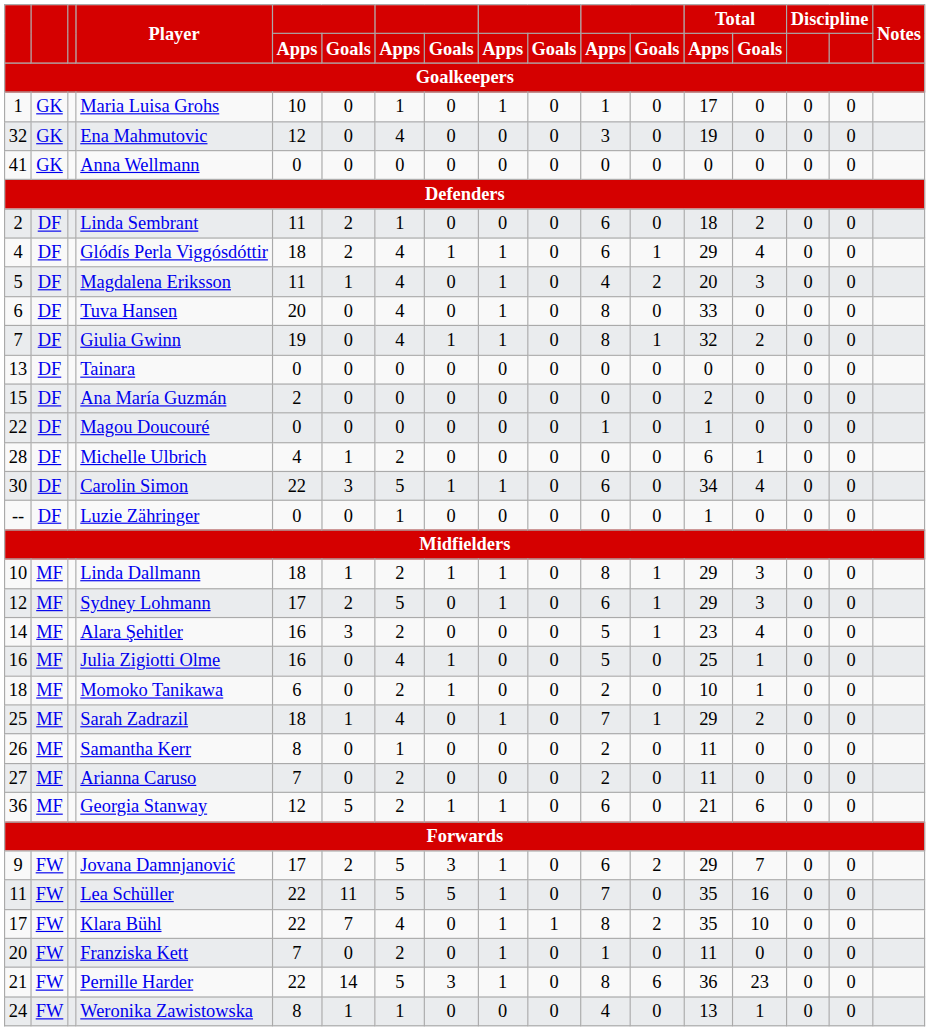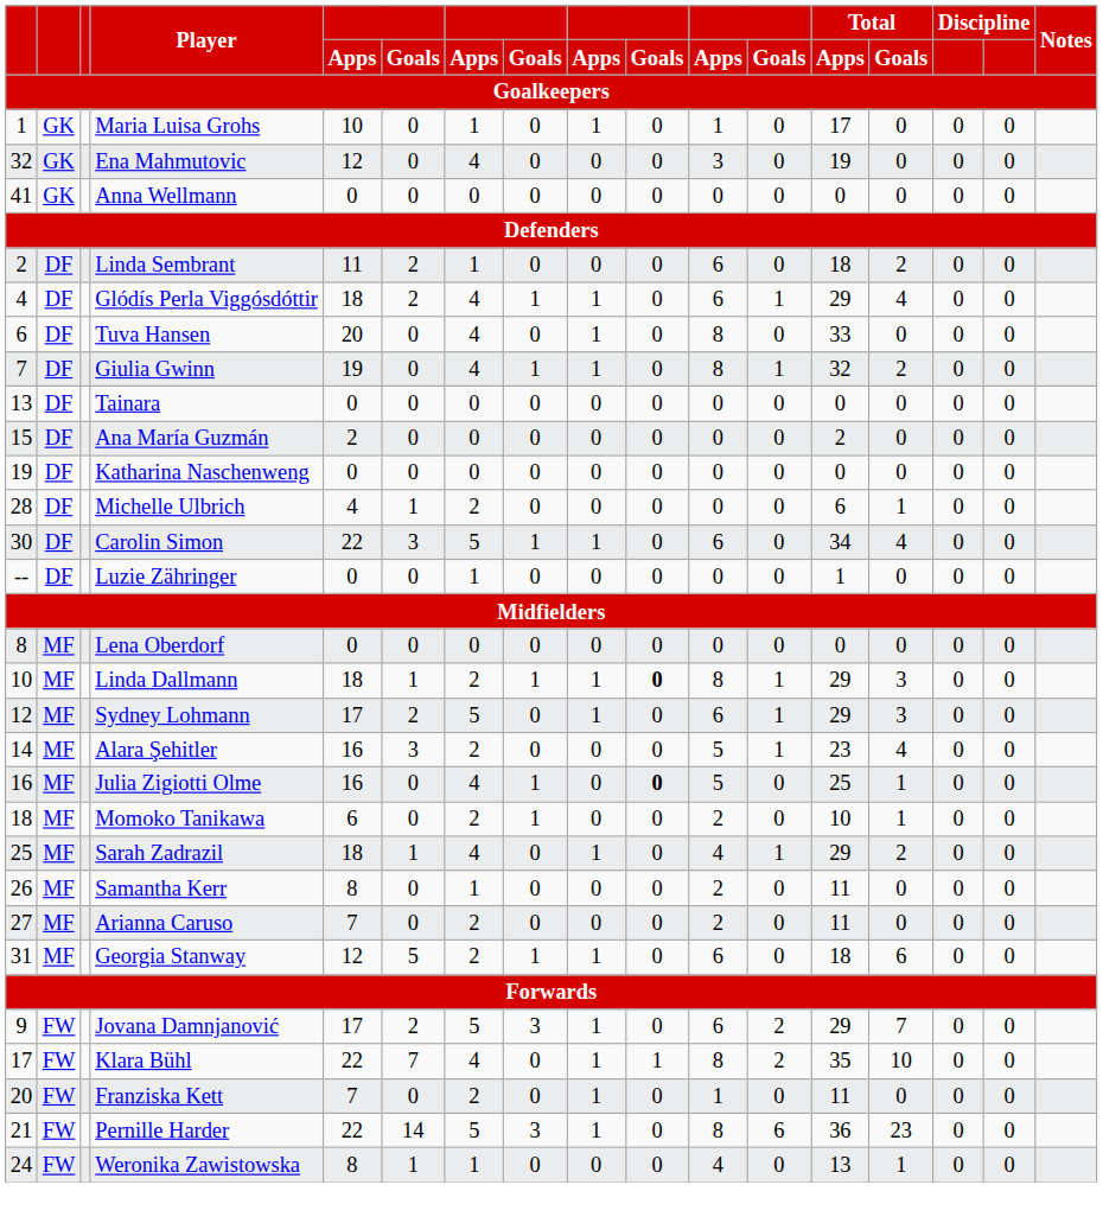 <table class="wikitable sortable alternance" style="text-align:center">
 <tr>
 <th rowspan=2 style="background:#D50000; color:#FFFFFF; "></th>
 <th rowspan=2 style="background:#D50000; color:#FFFFFF; "></th>
 <th rowspan=2 style="background:#D50000; color:#FFFFFF; "></th>
 <th rowspan=2 style="background:#D50000; color:#FFFFFF; ">Player</th>
 <th colspan=2 style="background:#D50000; color:#FFFFFF; "></th>
 <th colspan=2 style="background:#D50000; color:#FFFFFF; "></th>
 <th colspan=2 style="background:#D50000; color:#FFFFFF; "></th>
 <th colspan=2 style="background:#D50000; color:#FFFFFF; "></th>
 <th colspan=2 style="background:#D50000; color:#FFFFFF; ">Total</th>
 <th colspan=2 style="background:#D50000; color:#FFFFFF; ">Discipline</th>
 <th rowspan=2 style="background:#D50000; color:#FFFFFF; ">Notes</th>
 </tr>
 <tr>
 <th style="background:#D50000; color:#FFFFFF; ">Apps</th>
 <th style="background:#D50000; color:#FFFFFF; ">Goals</th>
 <th style="background:#D50000; color:#FFFFFF; ">Apps</th>
 <th style="background:#D50000; color:#FFFFFF; ">Goals</th>
 <th style="background:#D50000; color:#FFFFFF; ">Apps</th>
 <th style="background:#D50000; color:#FFFFFF; ">Goals</th>
 <th style="background:#D50000; color:#FFFFFF; ">Apps</th>
 <th style="background:#D50000; color:#FFFFFF; ">Goals</th>
 <th style="background:#D50000; color:#FFFFFF; ">Apps</th>
 <th style="background:#D50000; color:#FFFFFF; ">Goals</th>
 <th style="background:#D50000; color:#FFFFFF; "></th>
 <th style="background:#D50000; color:#FFFFFF; "></th>
 </tr>
 <tr>
 <th colspan="17" style="background:#D50000; color:#FFFFFF; ">Goalkeepers</th>
 </tr>
 <tr>
 <td>1</td>
 <td><a href='#'>GK</a></td>
 <td></td>
 <td align="left"><a href='#'>Maria Luisa Grohs</a></td>
 <td>10</td>
 <td>0</td>
 <td>1</td>
 <td>0</td>
 <td>1</td>
 <td>0</td>
 <td>1</td>
 <td>0</td>
 <td>17</td>
 <td>0</td>
 <td>0</td>
 <td>0</td>
 <td></td>
 </tr>
 <tr style="background:#eaecee">
 <td>32</td>
 <td><a href='#'>GK</a></td>
 <td></td>
 <td align="left"><a href='#'>Ena Mahmutovic</a></td>
 <td>12</td>
 <td>0</td>
 <td>4</td>
 <td>0</td>
 <td>0</td>
 <td>0</td>
 <td>3</td>
 <td>0</td>
 <td>19</td>
 <td>0</td>
 <td>0</td>
 <td>0</td>
 <td></td>
 </tr>
 <tr>
 <td>41</td>
 <td><a href='#'>GK</a></td>
 <td></td>
 <td align="left"><a href='#'>Anna Wellmann</a></td>
 <td>0</td>
 <td>0</td>
 <td>0</td>
 <td>0</td>
 <td>0</td>
 <td>0</td>
 <td>0</td>
 <td>0</td>
 <td>0</td>
 <td>0</td>
 <td>0</td>
 <td>0</td>
 <td></td>
 </tr>
 <tr>
 <th colspan="17" style="background:#D50000; color:#FFFFFF; ">Defenders</th>
 </tr>
 <tr style="background:#eaecee">
 <td>2</td>
 <td><a href='#'>DF</a></td>
 <td></td>
 <td align="left"><a href='#'>Linda Sembrant</a></td>
 <td>11</td>
 <td>2</td>
 <td>1</td>
 <td>0</td>
 <td>0</td>
 <td>0</td>
 <td>6</td>
 <td>0</td>
 <td>18</td>
 <td>2</td>
 <td>0</td>
 <td>0</td>
 <td></td>
 </tr>
 <tr>
 <td>4</td>
 <td><a href='#'>DF</a></td>
 <td></td>
 <td align="left"><a href='#'>Glódís Perla Viggósdóttir</a></td>
 <td>18</td>
 <td>2</td>
 <td>4</td>
 <td>1</td>
 <td>1</td>
 <td>0</td>
 <td>6</td>
 <td>1</td>
 <td>29</td>
 <td>4</td>
 <td>0</td>
 <td>0</td>
 <td></td>
 </tr>
-<tr style="background:#eaecee">
-<td>5</td>
-<td><a href='#'>DF</a></td>
-<td></td>
-<td align="left"><a href='#'>Magdalena Eriksson</a></td>
-<td>11</td>
-<td>1</td>
-<td>4</td>
-<td>0</td>
-<td>1</td>
-<td>0</td>
-<td>4</td>
-<td>2</td>
-<td>20</td>
-<td>3</td>
-<td>0</td>
-<td>0</td>
-<td></td>
-</tr>
 <tr>
 <td>6</td>
 <td><a href='#'>DF</a></td>
 <td></td>
 <td align="left"><a href='#'>Tuva Hansen</a></td>
 <td>20</td>
 <td>0</td>
 <td>4</td>
 <td>0</td>
 <td>1</td>
 <td>0</td>
 <td>8</td>
 <td>0</td>
 <td>33</td>
 <td>0</td>
 <td>0</td>
 <td>0</td>
 <td></td>
 </tr>
 <tr style="background:#eaecee">
 <td>7</td>
 <td><a href='#'>DF</a></td>
 <td></td>
 <td align="left"><a href='#'>Giulia Gwinn</a></td>
 <td>19</td>
 <td>0</td>
 <td>4</td>
 <td>1</td>
 <td>1</td>
 <td>0</td>
 <td>8</td>
 <td>1</td>
 <td>32</td>
 <td>2</td>
 <td>0</td>
 <td>0</td>
 <td></td>
 </tr>
 <tr>
 <td>13</td>
 <td><a href='#'>DF</a></td>
 <td></td>
 <td align="left"><a href='#'>Tainara</a></td>
 <td>0</td>
 <td>0</td>
 <td>0</td>
 <td>0</td>
 <td>0</td>
 <td>0</td>
 <td>0</td>
 <td>0</td>
 <td>0</td>
 <td>0</td>
 <td>0</td>
 <td>0</td>
 <td></td>
 </tr>
 <tr style="background:#eaecee">
 <td>15</td>
 <td><a href='#'>DF</a></td>
 <td></td>
 <td align="left"><a href='#'>Ana María Guzmán</a></td>
 <td>2</td>
 <td>0</td>
 <td>0</td>
 <td>0</td>
 <td>0</td>
 <td>0</td>
 <td>0</td>
 <td>0</td>
 <td>2</td>
 <td>0</td>
 <td>0</td>
 <td>0</td>
 <td></td>
 </tr>
-<tr style="background:#eaecee">
-<td>22</td>
+<tr>
+<td>19</td>
 <td><a href='#'>DF</a></td>
 <td></td>
-<td align="left"><a href='#'>Magou Doucouré</a></td>
+<td align="left"><a href='#'>Katharina Naschenweng</a></td>
 <td>0</td>
 <td>0</td>
 <td>0</td>
 <td>0</td>
 <td>0</td>
 <td>0</td>
-<td>1</td>
 <td>0</td>
-<td>1</td>
+<td>0</td>
+<td>0</td>
 <td>0</td>
 <td>0</td>
 <td>0</td>
 <td></td>
 </tr>
 <tr>
 <td>28</td>
 <td><a href='#'>DF</a></td>
 <td></td>
 <td align="left"><a href='#'>Michelle Ulbrich</a></td>
 <td>4</td>
 <td>1</td>
 <td>2</td>
 <td>0</td>
 <td>0</td>
 <td>0</td>
 <td>0</td>
 <td>0</td>
 <td>6</td>
 <td>1</td>
 <td>0</td>
 <td>0</td>
 <td></td>
 </tr>
 <tr style="background:#eaecee">
 <td>30</td>
 <td><a href='#'>DF</a></td>
 <td></td>
 <td align="left"><a href='#'>Carolin Simon</a></td>
 <td>22</td>
 <td>3</td>
 <td>5</td>
 <td>1</td>
 <td>1</td>
 <td>0</td>
 <td>6</td>
 <td>0</td>
 <td>34</td>
 <td>4</td>
 <td>0</td>
 <td>0</td>
 <td></td>
 </tr>
 <tr>
 <td>--</td>
 <td><a href='#'>DF</a></td>
 <td></td>
 <td align="left"><a href='#'>Luzie Zähringer</a></td>
 <td>0</td>
 <td>0</td>
 <td>1</td>
 <td>0</td>
 <td>0</td>
 <td>0</td>
 <td>0</td>
 <td>0</td>
 <td>1</td>
 <td>0</td>
 <td>0</td>
 <td>0</td>
 <td></td>
 </tr>
 <tr>
 <th colspan="17" style="background:#D50000; color:#FFFFFF; ">Midfielders</th>
 </tr>
+<tr style="background:#eaecee">
+<td>8</td>
+<td><a href='#'>MF</a></td>
+<td></td>
+<td align="left"><a href='#'>Lena Oberdorf</a></td>
+<td>0</td>
+<td>0</td>
+<td>0</td>
+<td>0</td>
+<td>0</td>
+<td>0</td>
+<td>0</td>
+<td>0</td>
+<td>0</td>
+<td>0</td>
+<td>0</td>
+<td>0</td>
+<td></td>
+</tr>
 <tr>
 <td>10</td>
 <td><a href='#'>MF</a></td>
 <td></td>
 <td align="left"><a href='#'>Linda Dallmann</a></td>
 <td>18</td>
 <td>1</td>
 <td>2</td>
 <td>1</td>
 <td>1</td>
-<td>0</td>
+<td><strong>0</strong></td>
 <td>8</td>
 <td>1</td>
 <td>29</td>
 <td>3</td>
 <td>0</td>
 <td>0</td>
 <td></td>
 </tr>
 <tr style="background:#eaecee">
 <td>12</td>
 <td><a href='#'>MF</a></td>
 <td></td>
 <td align="left"><a href='#'>Sydney Lohmann</a></td>
 <td>17</td>
 <td>2</td>
 <td>5</td>
 <td>0</td>
 <td>1</td>
 <td>0</td>
 <td>6</td>
 <td>1</td>
 <td>29</td>
 <td>3</td>
 <td>0</td>
 <td>0</td>
 <td></td>
 </tr>
 <tr>
 <td>14</td>
 <td><a href='#'>MF</a></td>
 <td></td>
 <td align="left"><a href='#'>Alara Şehitler</a></td>
 <td>16</td>
 <td>3</td>
 <td>2</td>
 <td>0</td>
 <td>0</td>
 <td>0</td>
 <td>5</td>
 <td>1</td>
 <td>23</td>
 <td>4</td>
 <td>0</td>
 <td>0</td>
 <td></td>
 </tr>
 <tr style="background:#eaecee">
 <td>16</td>
 <td><a href='#'>MF</a></td>
 <td></td>
 <td align="left"><a href='#'>Julia Zigiotti Olme</a></td>
 <td>16</td>
 <td>0</td>
 <td>4</td>
 <td>1</td>
 <td>0</td>
-<td>0</td>
+<td><strong>0</strong></td>
 <td>5</td>
 <td>0</td>
 <td>25</td>
 <td>1</td>
 <td>0</td>
 <td>0</td>
 <td></td>
 </tr>
 <tr>
 <td>18</td>
 <td><a href='#'>MF</a></td>
 <td></td>
 <td align="left"><a href='#'>Momoko Tanikawa</a></td>
 <td>6</td>
 <td>0</td>
 <td>2</td>
 <td>1</td>
 <td>0</td>
 <td>0</td>
 <td>2</td>
 <td>0</td>
 <td>10</td>
 <td>1</td>
 <td>0</td>
 <td>0</td>
 <td></td>
 </tr>
 <tr style="background:#eaecee">
 <td>25</td>
 <td><a href='#'>MF</a></td>
 <td></td>
 <td align="left"><a href='#'>Sarah Zadrazil</a></td>
 <td>18</td>
 <td>1</td>
 <td>4</td>
 <td>0</td>
 <td>1</td>
 <td>0</td>
-<td>7</td>
+<td>4</td>
 <td>1</td>
 <td>29</td>
 <td>2</td>
 <td>0</td>
 <td>0</td>
 <td></td>
 </tr>
 <tr>
 <td>26</td>
 <td><a href='#'>MF</a></td>
 <td></td>
 <td align="left"><a href='#'>Samantha Kerr</a></td>
 <td>8</td>
 <td>0</td>
 <td>1</td>
 <td>0</td>
 <td>0</td>
 <td>0</td>
 <td>2</td>
 <td>0</td>
 <td>11</td>
 <td>0</td>
 <td>0</td>
 <td>0</td>
 <td></td>
 </tr>
 <tr style="background:#eaecee">
 <td>27</td>
 <td><a href='#'>MF</a></td>
 <td></td>
 <td align="left"><a href='#'>Arianna Caruso</a></td>
 <td>7</td>
 <td>0</td>
 <td>2</td>
 <td>0</td>
 <td>0</td>
 <td>0</td>
 <td>2</td>
 <td>0</td>
 <td>11</td>
 <td>0</td>
 <td>0</td>
 <td>0</td>
 <td></td>
 </tr>
 <tr>
-<td>36</td>
+<td>31</td>
 <td><a href='#'>MF</a></td>
 <td></td>
 <td align="left"><a href='#'>Georgia Stanway</a></td>
 <td>12</td>
 <td>5</td>
 <td>2</td>
 <td>1</td>
 <td>1</td>
 <td>0</td>
 <td>6</td>
 <td>0</td>
-<td>21</td>
+<td>18</td>
 <td>6</td>
 <td>0</td>
 <td>0</td>
 <td></td>
 </tr>
 <tr>
 <th colspan="17" style="background:#D50000; color:#FFFFFF; ">Forwards</th>
 </tr>
 <tr>
 <td>9</td>
 <td><a href='#'>FW</a></td>
 <td></td>
 <td align="left"><a href='#'>Jovana Damnjanović</a></td>
 <td>17</td>
 <td>2</td>
 <td>5</td>
 <td>3</td>
 <td>1</td>
 <td>0</td>
 <td>6</td>
 <td>2</td>
 <td>29</td>
 <td>7</td>
-<td>0</td>
-<td>0</td>
-<td></td>
-</tr>
-<tr style="background:#eaecee">
-<td>11</td>
-<td><a href='#'>FW</a></td>
-<td></td>
-<td align="left"><a href='#'>Lea Schüller</a></td>
-<td>22</td>
-<td>11</td>
-<td>5</td>
-<td>5</td>
-<td>1</td>
-<td>0</td>
-<td>7</td>
-<td>0</td>
-<td>35</td>
-<td>16</td>
 <td>0</td>
 <td>0</td>
 <td></td>
 </tr>
 <tr>
 <td>17</td>
 <td><a href='#'>FW</a></td>
 <td></td>
 <td align="left"><a href='#'>Klara Bühl</a></td>
 <td>22</td>
 <td>7</td>
 <td>4</td>
 <td>0</td>
 <td>1</td>
 <td>1</td>
 <td>8</td>
 <td>2</td>
 <td>35</td>
 <td>10</td>
 <td>0</td>
 <td>0</td>
 <td></td>
 </tr>
 <tr style="background:#eaecee">
 <td>20</td>
 <td><a href='#'>FW</a></td>
 <td></td>
 <td align="left"><a href='#'>Franziska Kett</a></td>
 <td>7</td>
 <td>0</td>
 <td>2</td>
 <td>0</td>
 <td>1</td>
 <td>0</td>
 <td>1</td>
 <td>0</td>
 <td>11</td>
 <td>0</td>
 <td>0</td>
 <td>0</td>
 <td></td>
 </tr>
 <tr>
 <td>21</td>
 <td><a href='#'>FW</a></td>
 <td></td>
 <td align="left"><a href='#'>Pernille Harder</a></td>
 <td>22</td>
 <td>14</td>
 <td>5</td>
 <td>3</td>
 <td>1</td>
 <td>0</td>
 <td>8</td>
 <td>6</td>
 <td>36</td>
 <td>23</td>
 <td>0</td>
 <td>0</td>
 <td></td>
 </tr>
 <tr style="background:#eaecee">
 <td>24</td>
 <td><a href='#'>FW</a></td>
 <td></td>
 <td align="left"><a href='#'>Weronika Zawistowska</a></td>
 <td>8</td>
 <td>1</td>
 <td>1</td>
 <td>0</td>
 <td>0</td>
 <td>0</td>
 <td>4</td>
 <td>0</td>
 <td>13</td>
 <td>1</td>
 <td>0</td>
 <td>0</td>
 <td></td>
 </tr>
 </table>
